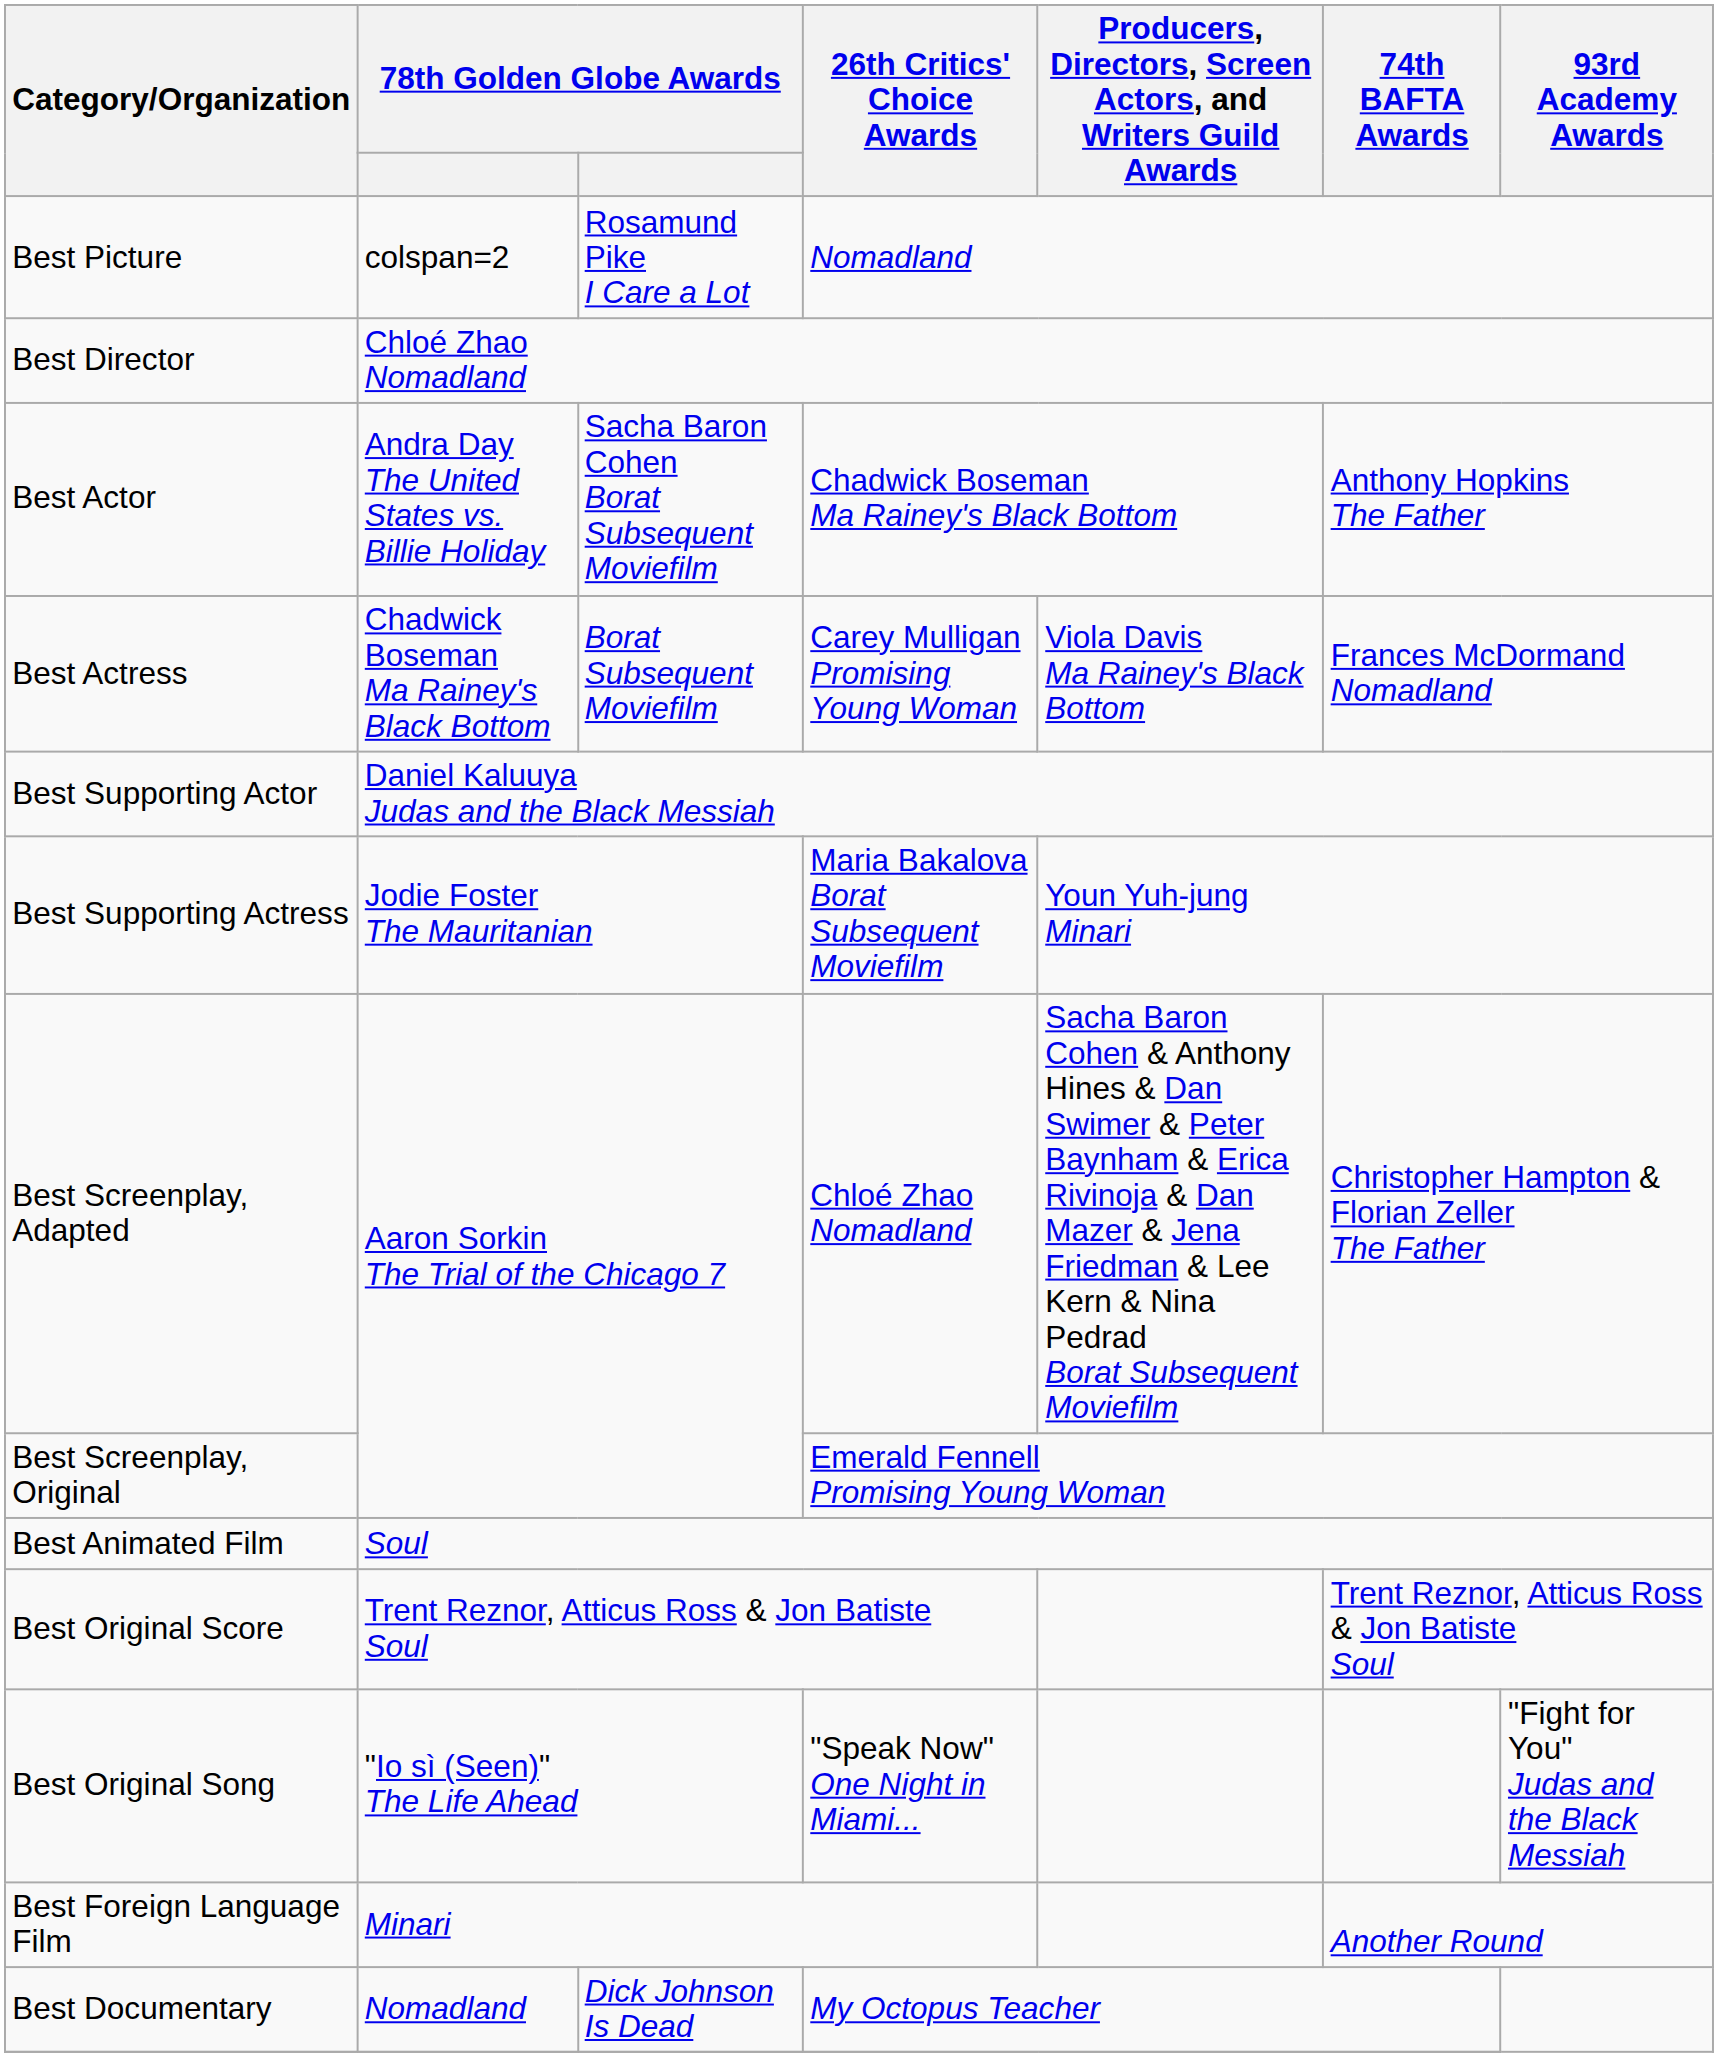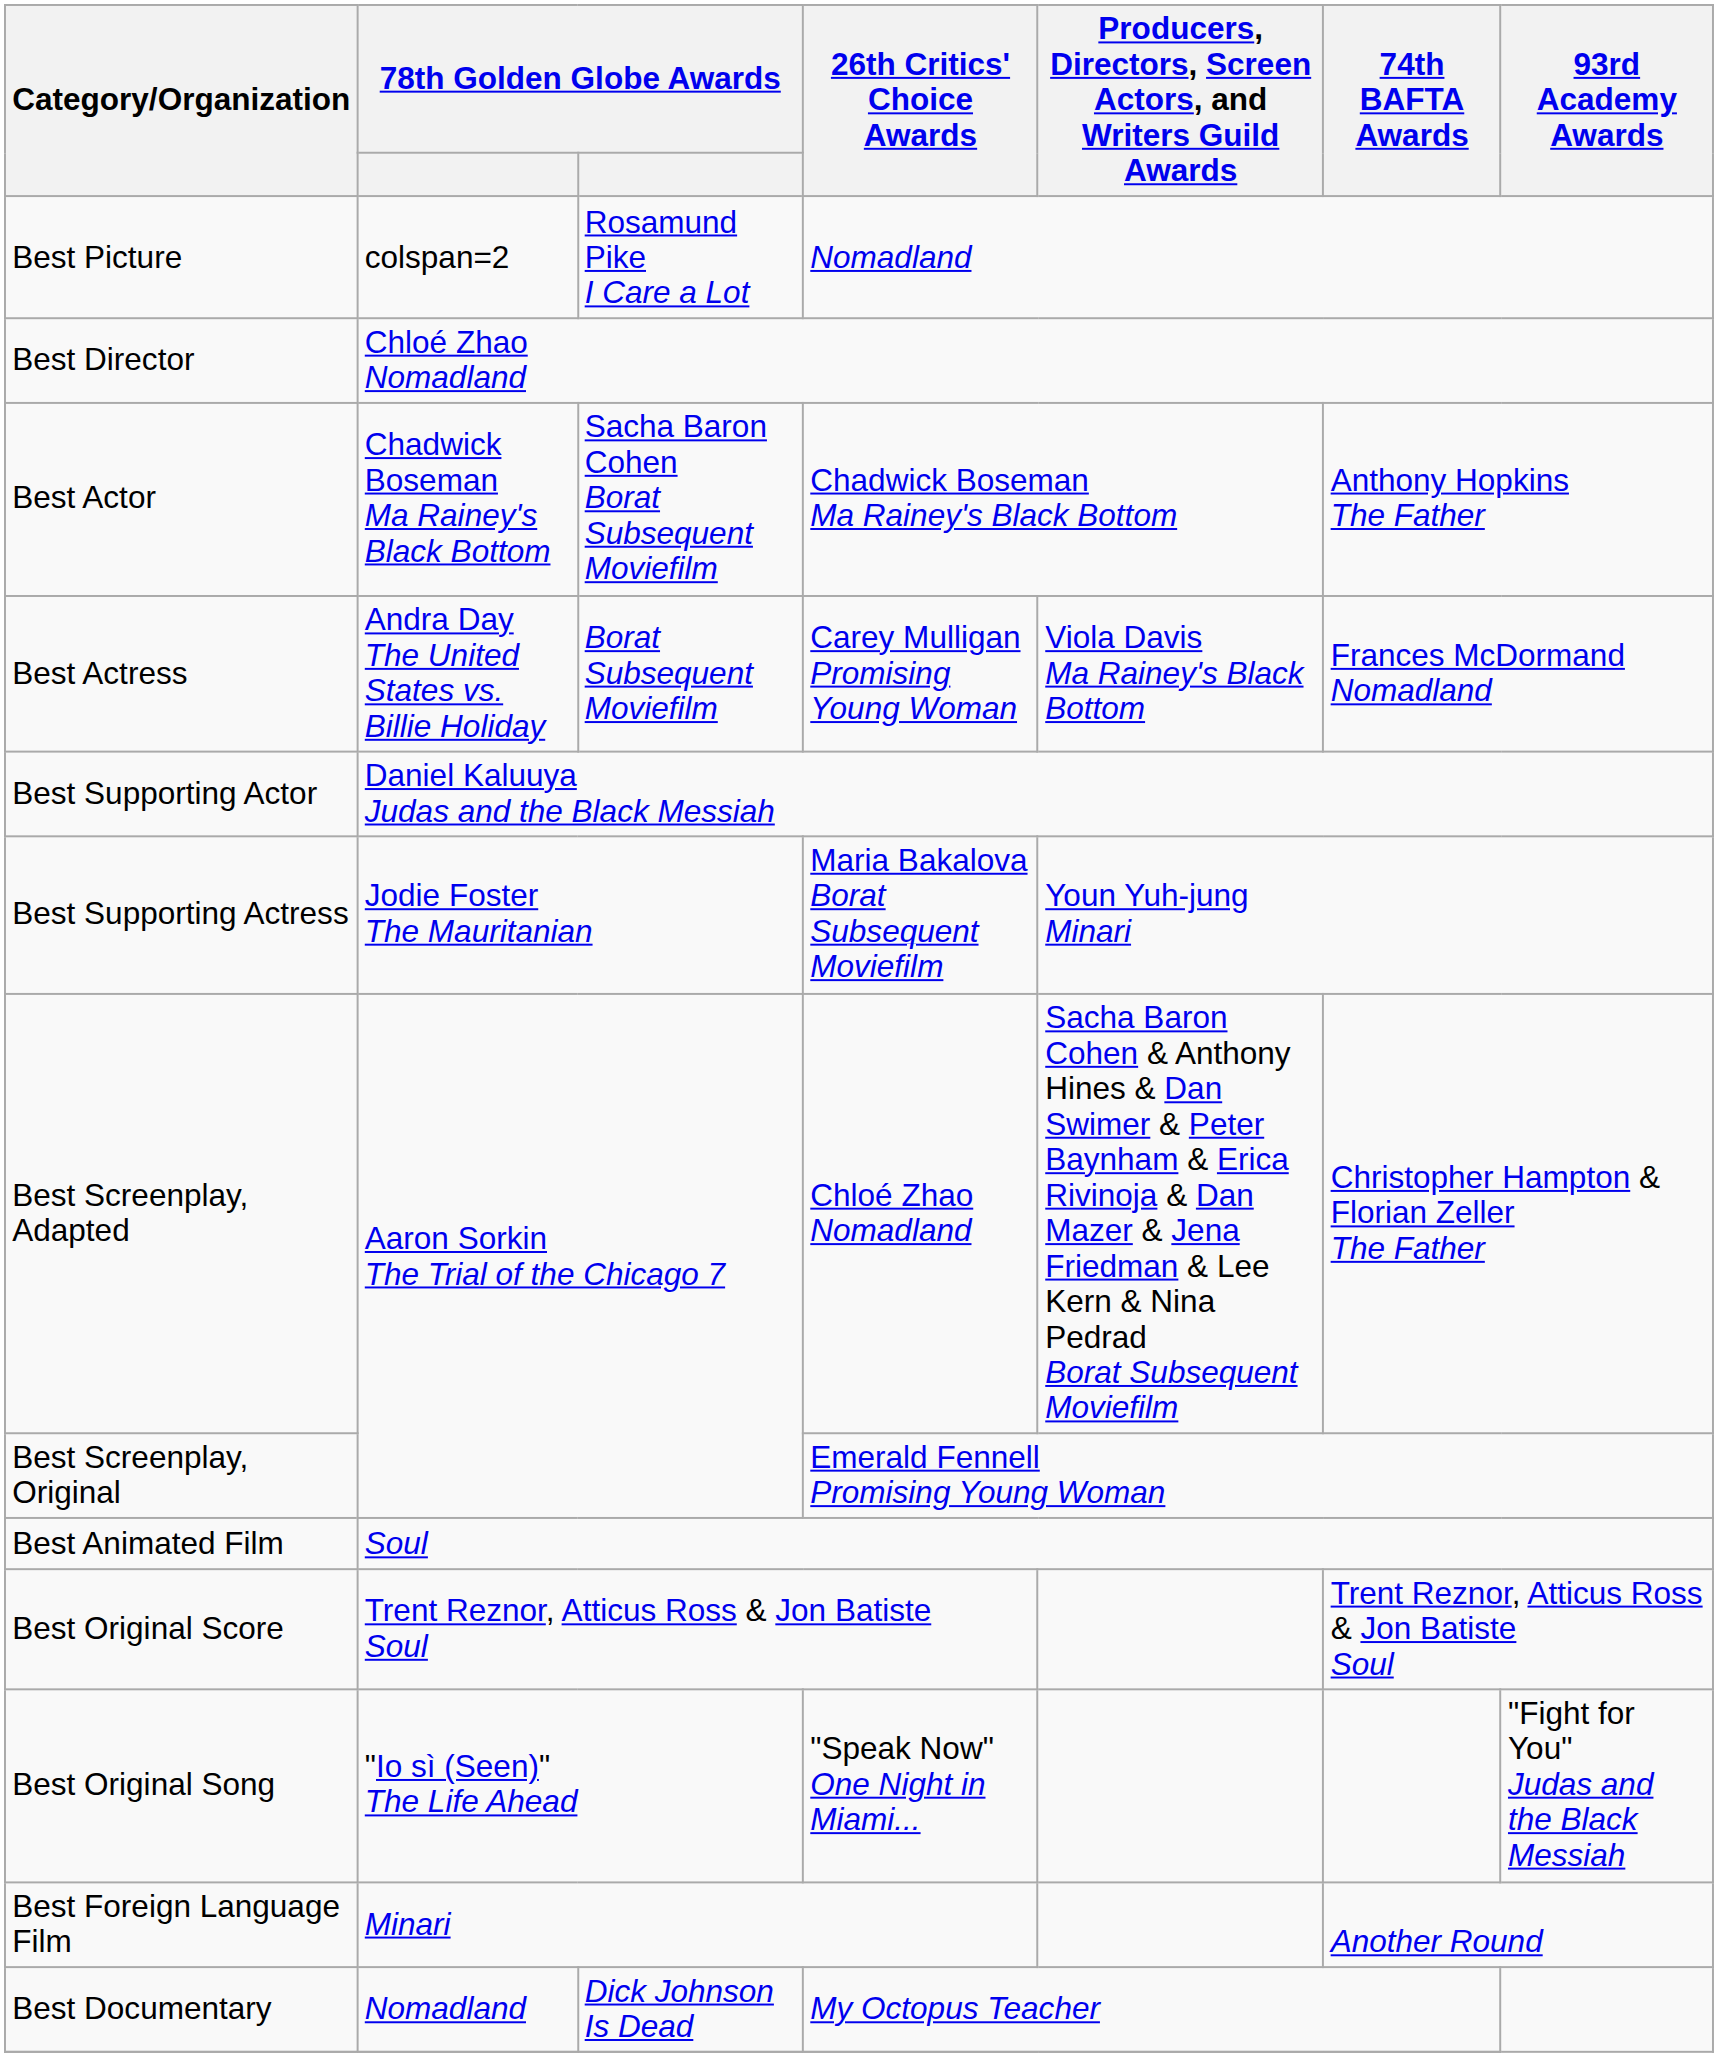 <table class="wikitable">
 <tr>
 <th rowspan="2" style="width:20px;">Category/Organization</th>
 <th colspan="2" style="width:250px;"><a href='#'>78th Golden Globe Awards</a><br></th>
 <th rowspan="2" style="width:225px;"><a href='#'>26th Critics' Choice Awards</a><br></th>
 <th rowspan="2" style="width:360px;"><a href='#'>Producers</a>, <a href='#'>Directors</a>, <a href='#'>Screen Actors</a>, and <a href='#'>Writers Guild Awards</a><br></th>
 <th rowspan="2" style="width:190px;"><a href='#'>74th BAFTA Awards</a><br></th>
 <th rowspan="2" style="width:225px;"><a href='#'>93rd Academy Awards</a><br></th>
 </tr>
 <tr>
 <th width=200></th>
 <th style="width:200px;"></th>
 </tr>
 <tr>
 <td>Best Picture</td>
 <td>colspan=2 </td>
 <td><a href='#'>Rosamund Pike</a><br><em><a href='#'>I Care a Lot</a></em></td>
 <td colspan=4><em><a href='#'>Nomadland</a></em></td>
 </tr>
 <tr>
 <td>Best Director</td>
 <td colspan=6><a href='#'>Chloé Zhao</a><br><em><a href='#'>Nomadland</a></em></td>
 </tr>
 <tr>
 <td>Best Actor</td>
-<td><a href='#'>Andra Day</a><br><em><a href='#'>The United States vs. Billie Holiday</a></em></td>
+<td><a href='#'>Chadwick Boseman</a><br><em><a href='#'>Ma Rainey's Black Bottom</a></em></td>
 <td><a href='#'>Sacha Baron Cohen</a><br><em><a href='#'>Borat Subsequent Moviefilm</a></em></td>
 <td colspan=2><a href='#'>Chadwick Boseman</a><br><em><a href='#'>Ma Rainey's Black Bottom</a></em></td>
 <td colspan=2><a href='#'>Anthony Hopkins</a><br><em><a href='#'>The Father</a></em></td>
 </tr>
 <tr>
 <td>Best Actress</td>
-<td><a href='#'>Chadwick Boseman</a><br><em><a href='#'>Ma Rainey's Black Bottom</a></em></td>
+<td><a href='#'>Andra Day</a><br><em><a href='#'>The United States vs. Billie Holiday</a></em></td>
 <td><em><a href='#'>Borat Subsequent Moviefilm</a></em></td>
 <td><a href='#'>Carey Mulligan</a><br><em><a href='#'>Promising Young Woman</a></em></td>
 <td><a href='#'>Viola Davis</a><br><em><a href='#'>Ma Rainey's Black Bottom</a></em></td>
 <td colspan=2><a href='#'>Frances McDormand</a><br><em><a href='#'>Nomadland</a></em></td>
 </tr>
 <tr>
 <td>Best Supporting Actor</td>
 <td colspan=6><a href='#'>Daniel Kaluuya</a><br><em><a href='#'>Judas and the Black Messiah</a></em></td>
 </tr>
 <tr>
 <td>Best Supporting Actress</td>
 <td colspan=2><a href='#'>Jodie Foster</a><br><em><a href='#'>The Mauritanian</a></em></td>
 <td><a href='#'>Maria Bakalova</a><br><em><a href='#'>Borat Subsequent Moviefilm</a></em></td>
 <td colspan=3><a href='#'>Youn Yuh-jung</a><br><em><a href='#'>Minari</a></em></td>
 </tr>
 <tr>
 <td>Best Screenplay, Adapted</td>
 <td colspan=2 rowspan=2><a href='#'>Aaron Sorkin</a><br><em><a href='#'>The Trial of the Chicago 7</a></em></td>
 <td><a href='#'>Chloé Zhao</a><br><em><a href='#'>Nomadland</a></em></td>
 <td><a href='#'>Sacha Baron Cohen</a> & Anthony Hines & <a href='#'>Dan Swimer</a> & <a href='#'>Peter Baynham</a> & <a href='#'>Erica Rivinoja</a> & <a href='#'>Dan Mazer</a> & <a href='#'>Jena Friedman</a> & Lee Kern & Nina Pedrad<br><em><a href='#'>Borat Subsequent Moviefilm</a></em></td>
 <td colspan=2><a href='#'>Christopher Hampton</a> & <a href='#'>Florian Zeller</a><br><em><a href='#'>The Father</a></em></td>
 </tr>
 <tr>
 <td>Best Screenplay, Original</td>
 <td colspan=4><a href='#'>Emerald Fennell</a><br><em><a href='#'>Promising Young Woman</a></em></td>
 </tr>
 <tr>
 <td>Best Animated Film</td>
 <td colspan="6"><em><a href='#'>Soul</a></em></td>
 </tr>
 <tr>
 <td>Best Original Score</td>
 <td colspan=3><a href='#'>Trent Reznor</a>, <a href='#'>Atticus Ross</a> & <a href='#'>Jon Batiste</a><br> <em><a href='#'>Soul</a></em></td>
 <td></td>
 <td colspan=3><a href='#'>Trent Reznor</a>, <a href='#'>Atticus Ross</a> & <a href='#'>Jon Batiste</a><br> <em><a href='#'>Soul</a></em></td>
 </tr>
 <tr>
 <td>Best Original Song</td>
 <td colspan=2>"<a href='#'>Io sì (Seen)</a>"<br><em><a href='#'>The Life Ahead</a></em></td>
 <td>"Speak Now"<br><em><a href='#'>One Night in Miami...</a></em></td>
 <td></td>
 <td></td>
 <td>"Fight for You"<br><em><a href='#'>Judas and the Black Messiah</a></em></td>
 </tr>
 <tr>
 <td>Best Foreign Language Film</td>
 <td colspan=3><em><a href='#'>Minari</a></em></td>
 <td></td>
 <td colspan=2><br><a href='#'><em>Another Round</em></a></td>
 </tr>
 <tr>
 <td>Best Documentary</td>
 <td><em><a href='#'>Nomadland</a></em></td>
 <td><em><a href='#'>Dick Johnson Is Dead</a></em></td>
 <td colspan=3><em><a href='#'>My Octopus Teacher</a></em></td>
 </tr>
 <tr>
 </tr>
 </table>
